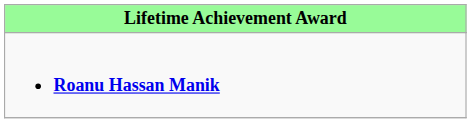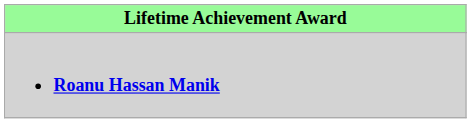 <table class="wikitable">
 <tr>
 <th style="background:#98fb98; width:50%;">Lifetime Achievement Award</th>
 </tr>
 <tr>
 </tr>
 <tr>
-<td valign="top"><br><ul><li><strong><a href='#'>Roanu Hassan Manik</a></strong></li></ul></td>
+<td valign="top" style="background: lightgrey;"><br><ul><li><strong><a href='#'>Roanu Hassan Manik</a></strong></li></ul></td>
 </tr>
 <tr>
 </tr>
 </table>
